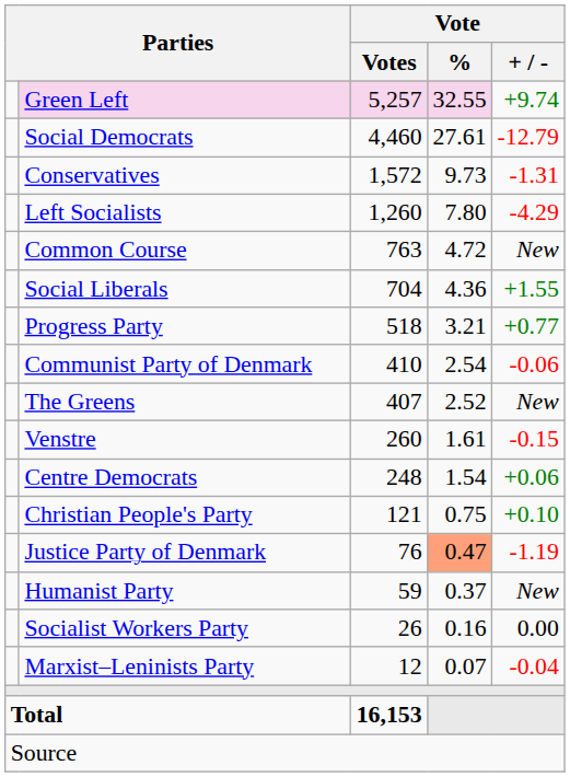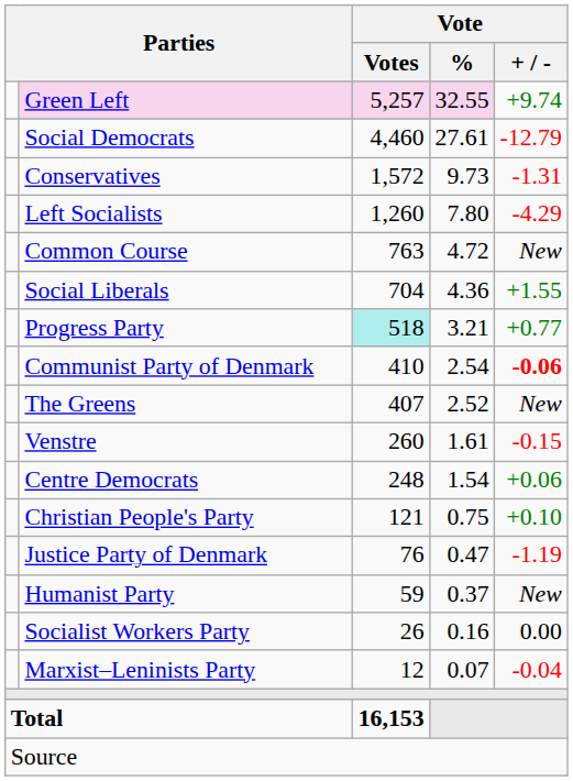 <table class="wikitable" style="text-align:right;">
 <tr>
 <th style="text-align:centre;" rowspan="2" colspan="2" width="225">Parties</th>
 <th colspan="3">Vote</th>
 </tr>
 <tr>
 <th width="15">Votes</th>
 <th width="15">%</th>
 <th width="15">+ / -</th>
 </tr>
 <tr>
 <td width="2" style="color:inherit;background:"></td>
 <td bgcolor=#f7d5ed  align="left"><a href='#'>Green Left</a></td>
 <td bgcolor=#f7d5ed>5,257</td>
 <td bgcolor=#f7d5ed>32.55</td>
 <td style=color:green;>+9.74</td>
 </tr>
 <tr>
 <td width="2" style="color:inherit;background:"></td>
 <td align="left"><a href='#'>Social Democrats</a></td>
 <td>4,460</td>
 <td>27.61</td>
 <td style=color:red;>-12.79</td>
 </tr>
 <tr>
 <td width="2" style="color:inherit;background:"></td>
 <td align="left"><a href='#'>Conservatives</a></td>
 <td>1,572</td>
 <td>9.73</td>
 <td style=color:red;>-1.31</td>
 </tr>
 <tr>
 <td width="2" style="color:inherit;background:"></td>
 <td align="left"><a href='#'>Left Socialists</a></td>
 <td>1,260</td>
 <td>7.80</td>
 <td style=color:red;>-4.29</td>
 </tr>
 <tr>
 <td width="2" style="color:inherit;background:"></td>
 <td align="left"><a href='#'>Common Course</a></td>
 <td>763</td>
 <td>4.72</td>
 <td><em>New</em></td>
 </tr>
 <tr>
 <td width="2" style="color:inherit;background:"></td>
 <td align="left"><a href='#'>Social Liberals</a></td>
 <td>704</td>
 <td>4.36</td>
 <td style=color:green;>+1.55</td>
 </tr>
 <tr>
 <td width="2" style="color:inherit;background:"></td>
 <td align="left"><a href='#'>Progress Party</a></td>
-<td>518</td>
+<td style="background: paleturquoise;">518</td>
 <td>3.21</td>
 <td style=color:green;>+0.77</td>
 </tr>
 <tr>
 <td width="2" style="color:inherit;background:"></td>
 <td align="left"><a href='#'>Communist Party of Denmark</a></td>
 <td>410</td>
 <td>2.54</td>
-<td style=color:red;>-0.06</td>
+<td style=color:red;><strong>-0.06</strong></td>
 </tr>
 <tr>
 <td width="2" style="color:inherit;background:"></td>
 <td align="left"><a href='#'>The Greens</a></td>
 <td>407</td>
 <td>2.52</td>
 <td><em>New</em></td>
 </tr>
 <tr>
 <td width="2" style="color:inherit;background:"></td>
 <td align="left"><a href='#'>Venstre</a></td>
 <td>260</td>
 <td>1.61</td>
 <td style=color:red;>-0.15</td>
 </tr>
 <tr>
 <td width="2" style="color:inherit;background:"></td>
 <td align="left"><a href='#'>Centre Democrats</a></td>
 <td>248</td>
 <td>1.54</td>
 <td style=color:green;>+0.06</td>
 </tr>
 <tr>
 <td width="2" style="color:inherit;background:"></td>
 <td align="left"><a href='#'>Christian People's Party</a></td>
 <td>121</td>
 <td>0.75</td>
 <td style=color:green;>+0.10</td>
 </tr>
 <tr>
 <td width="2" style="color:inherit;background:"></td>
 <td align="left"><a href='#'>Justice Party of Denmark</a></td>
 <td>76</td>
-<td style="background: lightsalmon;">0.47</td>
+<td>0.47</td>
 <td style=color:red;>-1.19</td>
 </tr>
 <tr>
 <td width="2" style="color:inherit;background:"></td>
 <td align="left"><a href='#'>Humanist Party</a></td>
 <td>59</td>
 <td>0.37</td>
 <td><em>New</em></td>
 </tr>
 <tr>
 <td width="2" style="color:inherit;background:"></td>
 <td align="left"><a href='#'>Socialist Workers Party</a></td>
 <td>26</td>
 <td>0.16</td>
 <td>0.00</td>
 </tr>
 <tr>
 <td width="2" style="color:inherit;background:"></td>
 <td align="left"><a href='#'>Marxist–Leninists Party</a></td>
 <td>12</td>
 <td>0.07</td>
 <td style=color:red;>-0.04</td>
 </tr>
 <tr>
 <td colspan="7" bgcolor="#E9E9E9"></td>
 </tr>
 <tr>
 <td align="left" colspan="2"><strong>Total</strong></td>
 <td><strong>16,153</strong></td>
 <td bgcolor="#E9E9E9" colspan="2"></td>
 </tr>
 <tr>
 <td align="left" colspan="6">Source</td>
 </tr>
 </table>
